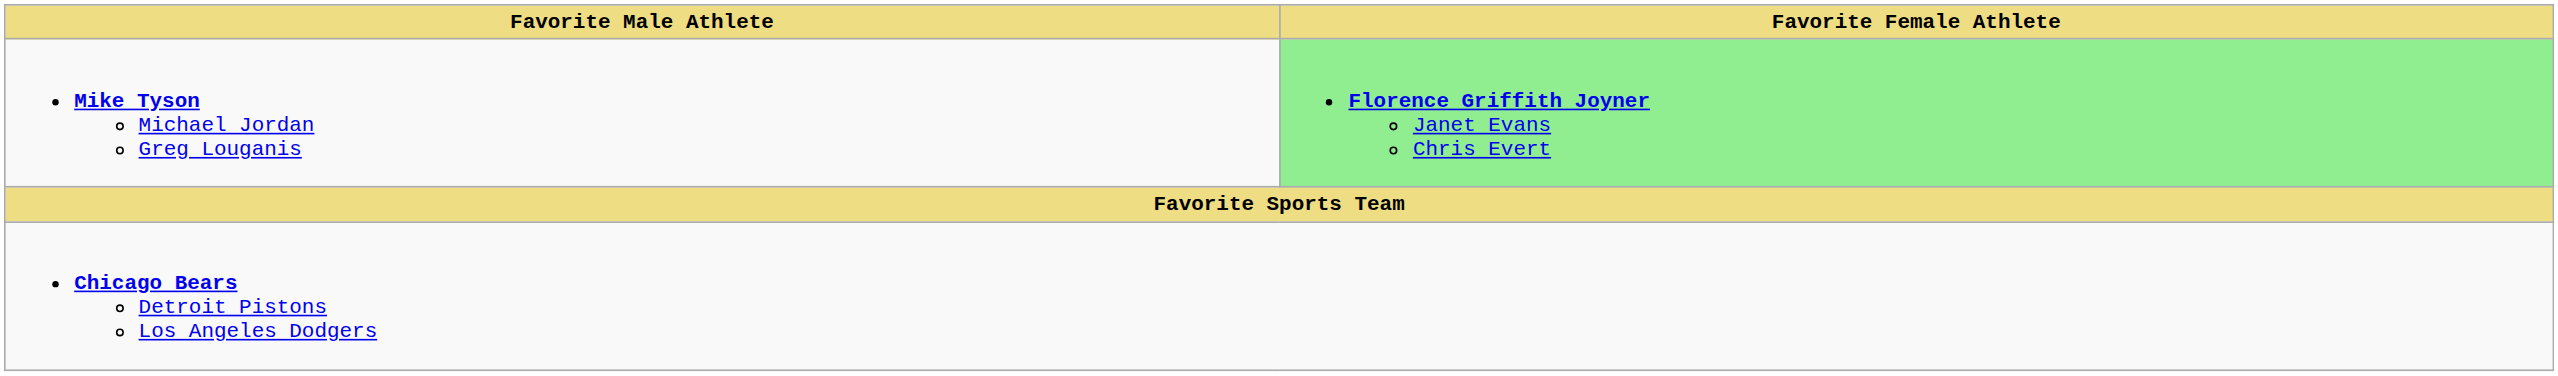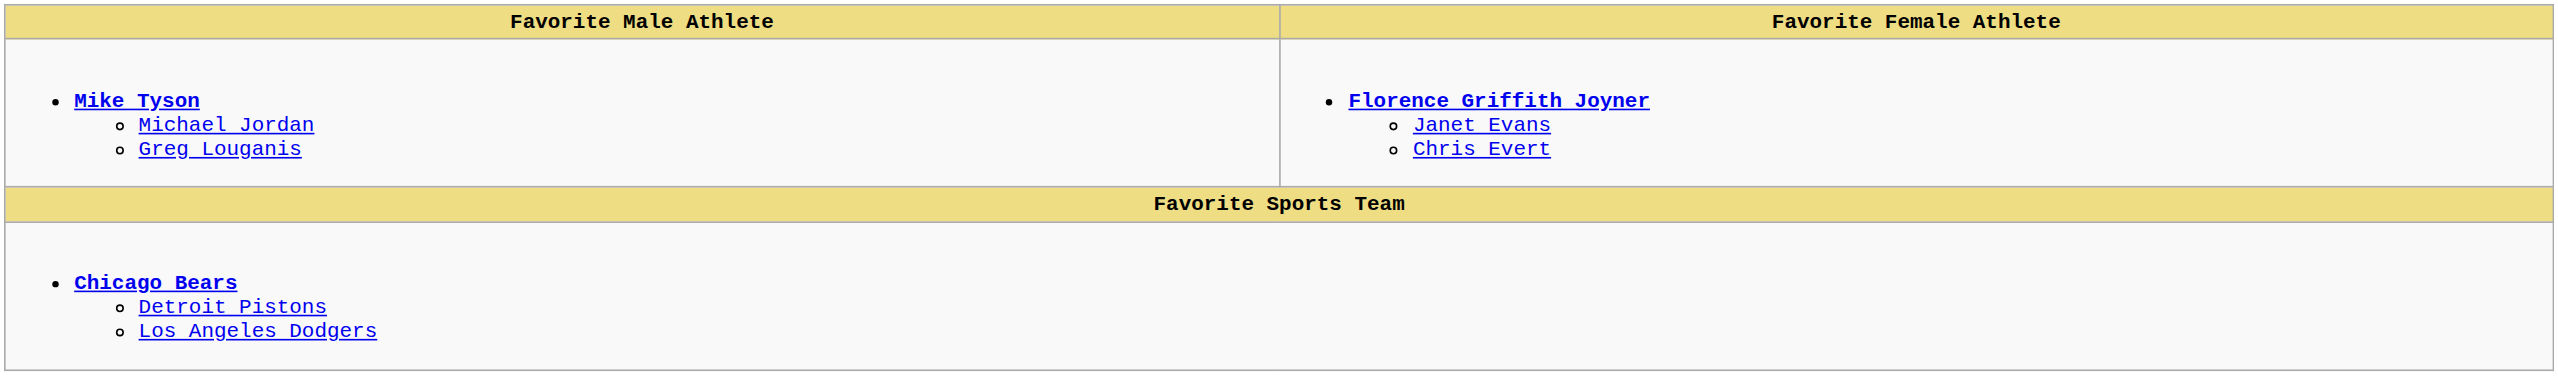 <table class="wikitable" style="width:100%">
 <tr>
 <th style="background:#EEDD82; width:50%">Favorite Male Athlete</th>
 <th style="background:#EEDD82; width:50%">Favorite Female Athlete</th>
 </tr>
 <tr>
 <td valign="top"><br><ul><li><strong><a href='#'>Mike Tyson</a></strong><ul><li><a href='#'>Michael Jordan</a></li><li><a href='#'>Greg Louganis</a></li></ul></li></ul></td>
-<td valign="top" style="background: lightgreen;"><br><ul><li><strong><a href='#'>Florence Griffith Joyner</a></strong><ul><li><a href='#'>Janet Evans</a></li><li><a href='#'>Chris Evert</a></li></ul></li></ul></td>
+<td valign="top"><br><ul><li><strong><a href='#'>Florence Griffith Joyner</a></strong><ul><li><a href='#'>Janet Evans</a></li><li><a href='#'>Chris Evert</a></li></ul></li></ul></td>
 </tr>
 <tr>
 <th style="background:#EEDD82;" colspan="2">Favorite Sports Team</th>
 </tr>
 <tr>
 <td colspan="2" valign="top"><br><ul><li><strong><a href='#'>Chicago Bears</a></strong><ul><li><a href='#'>Detroit Pistons</a></li><li><a href='#'>Los Angeles Dodgers</a></li></ul></li></ul></td>
 </tr>
 </table>
